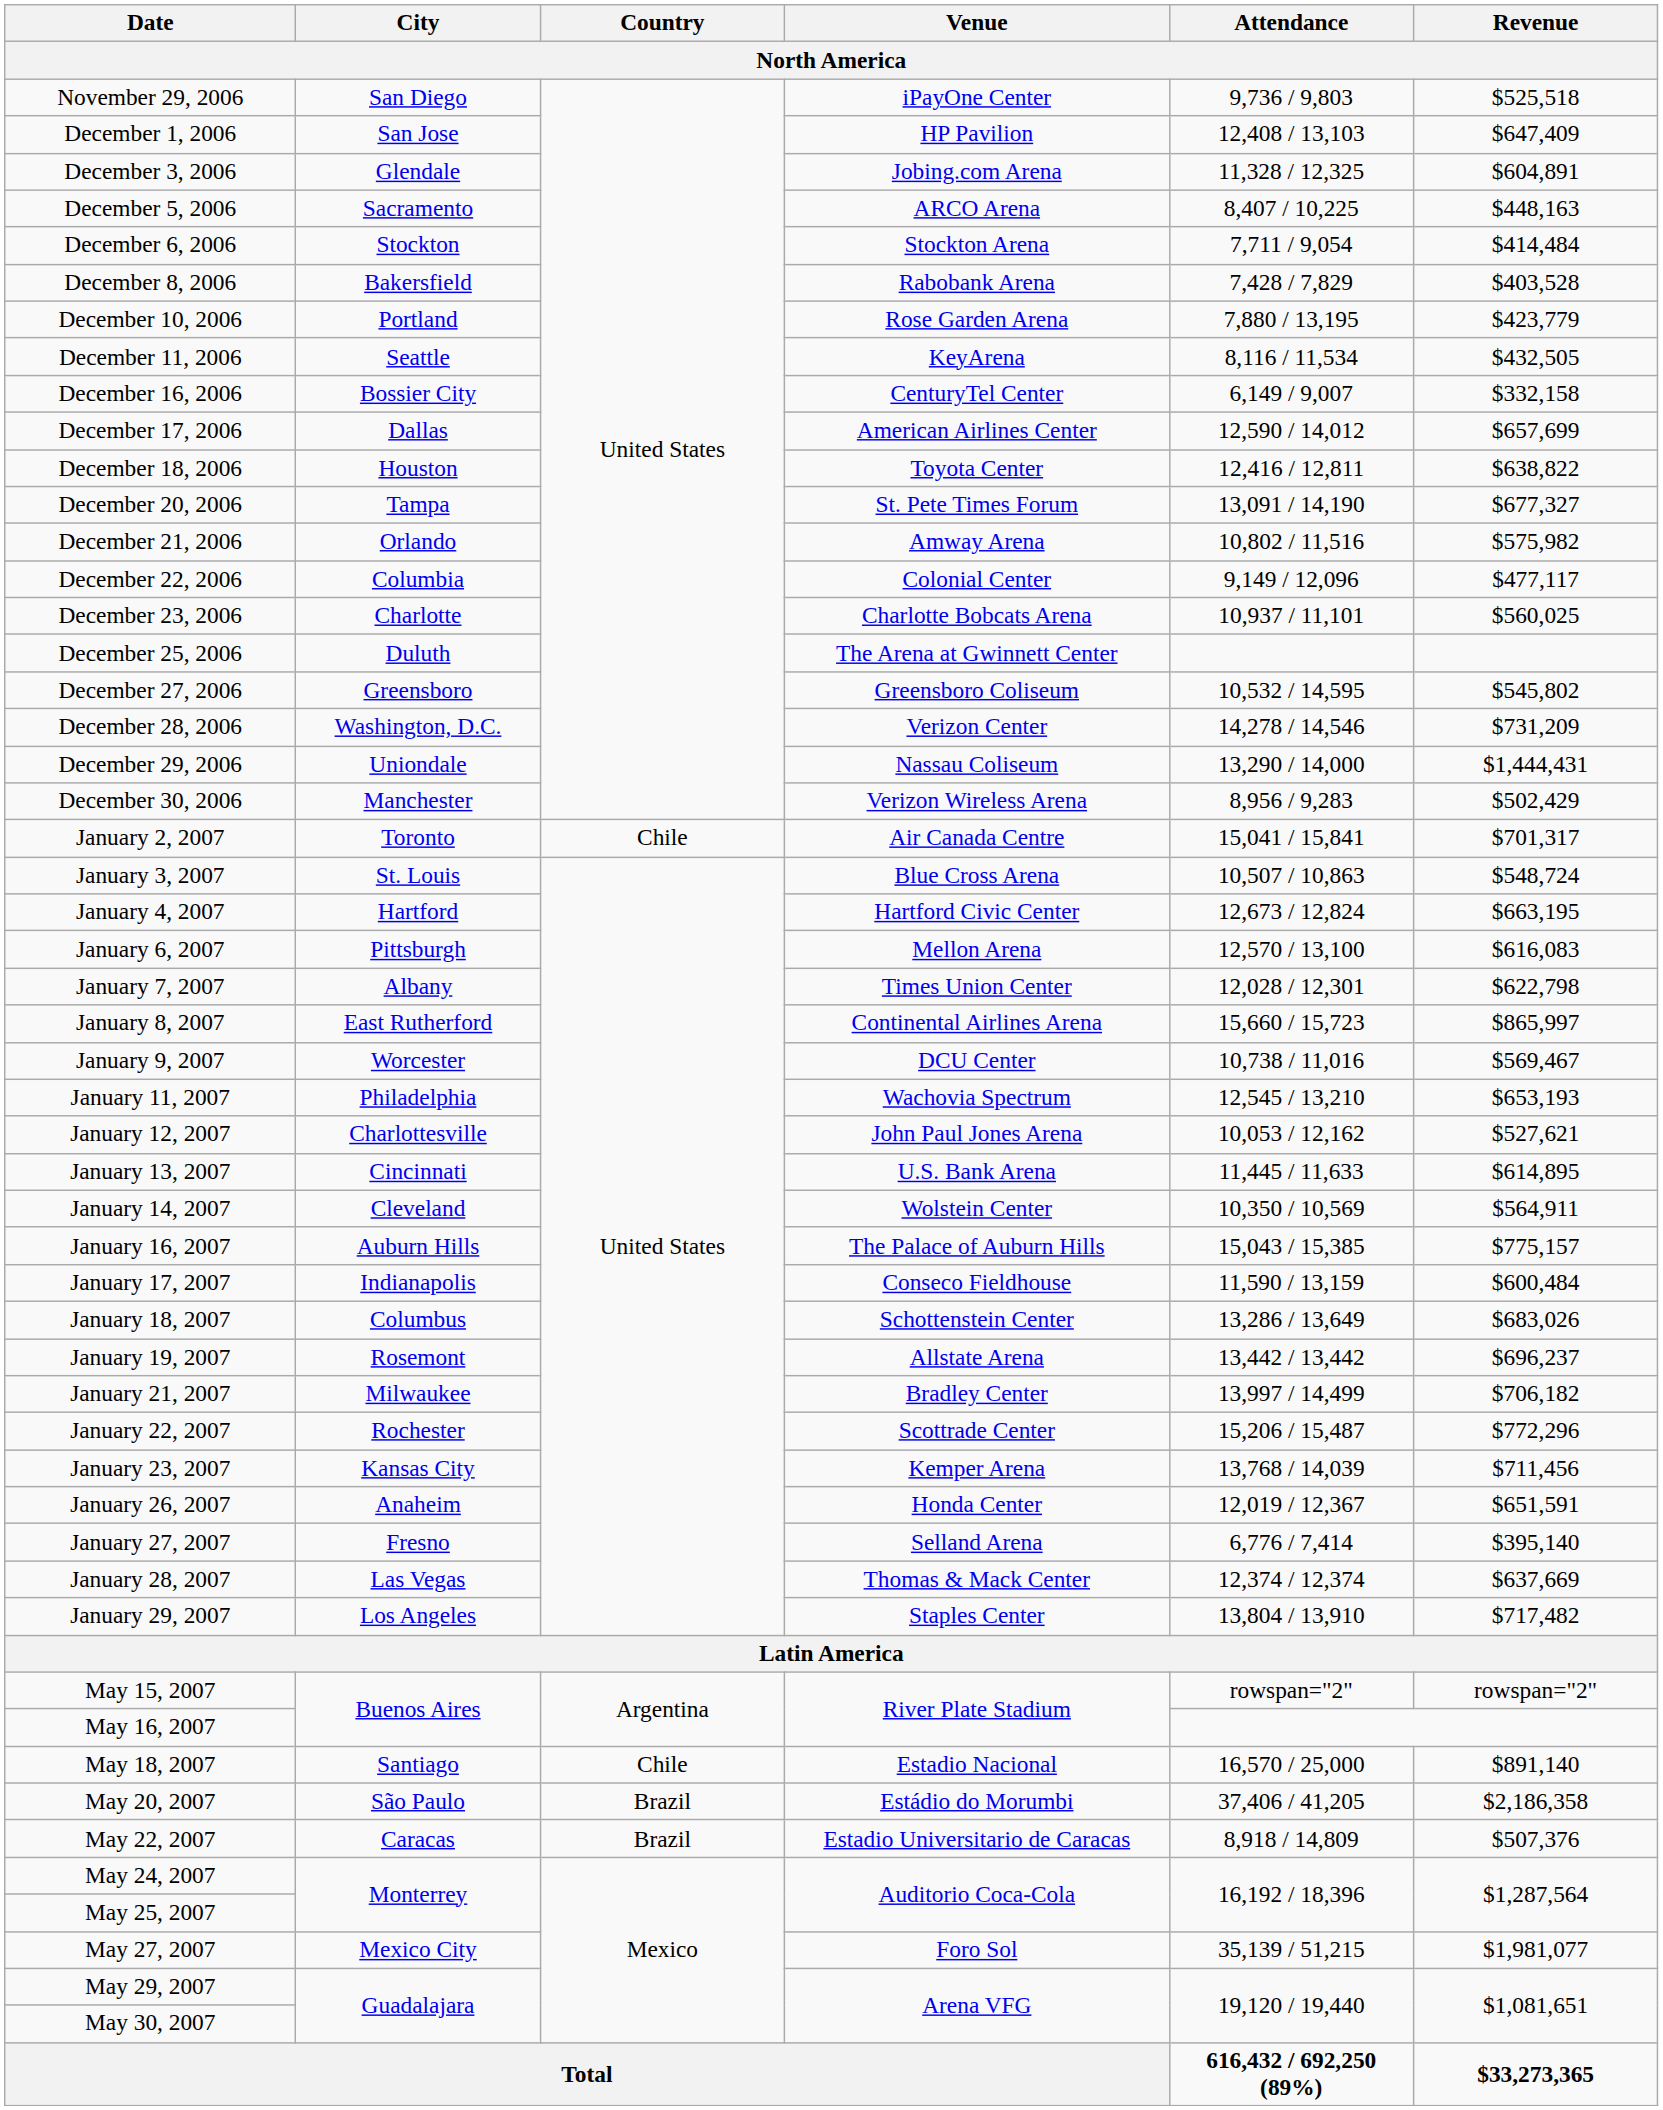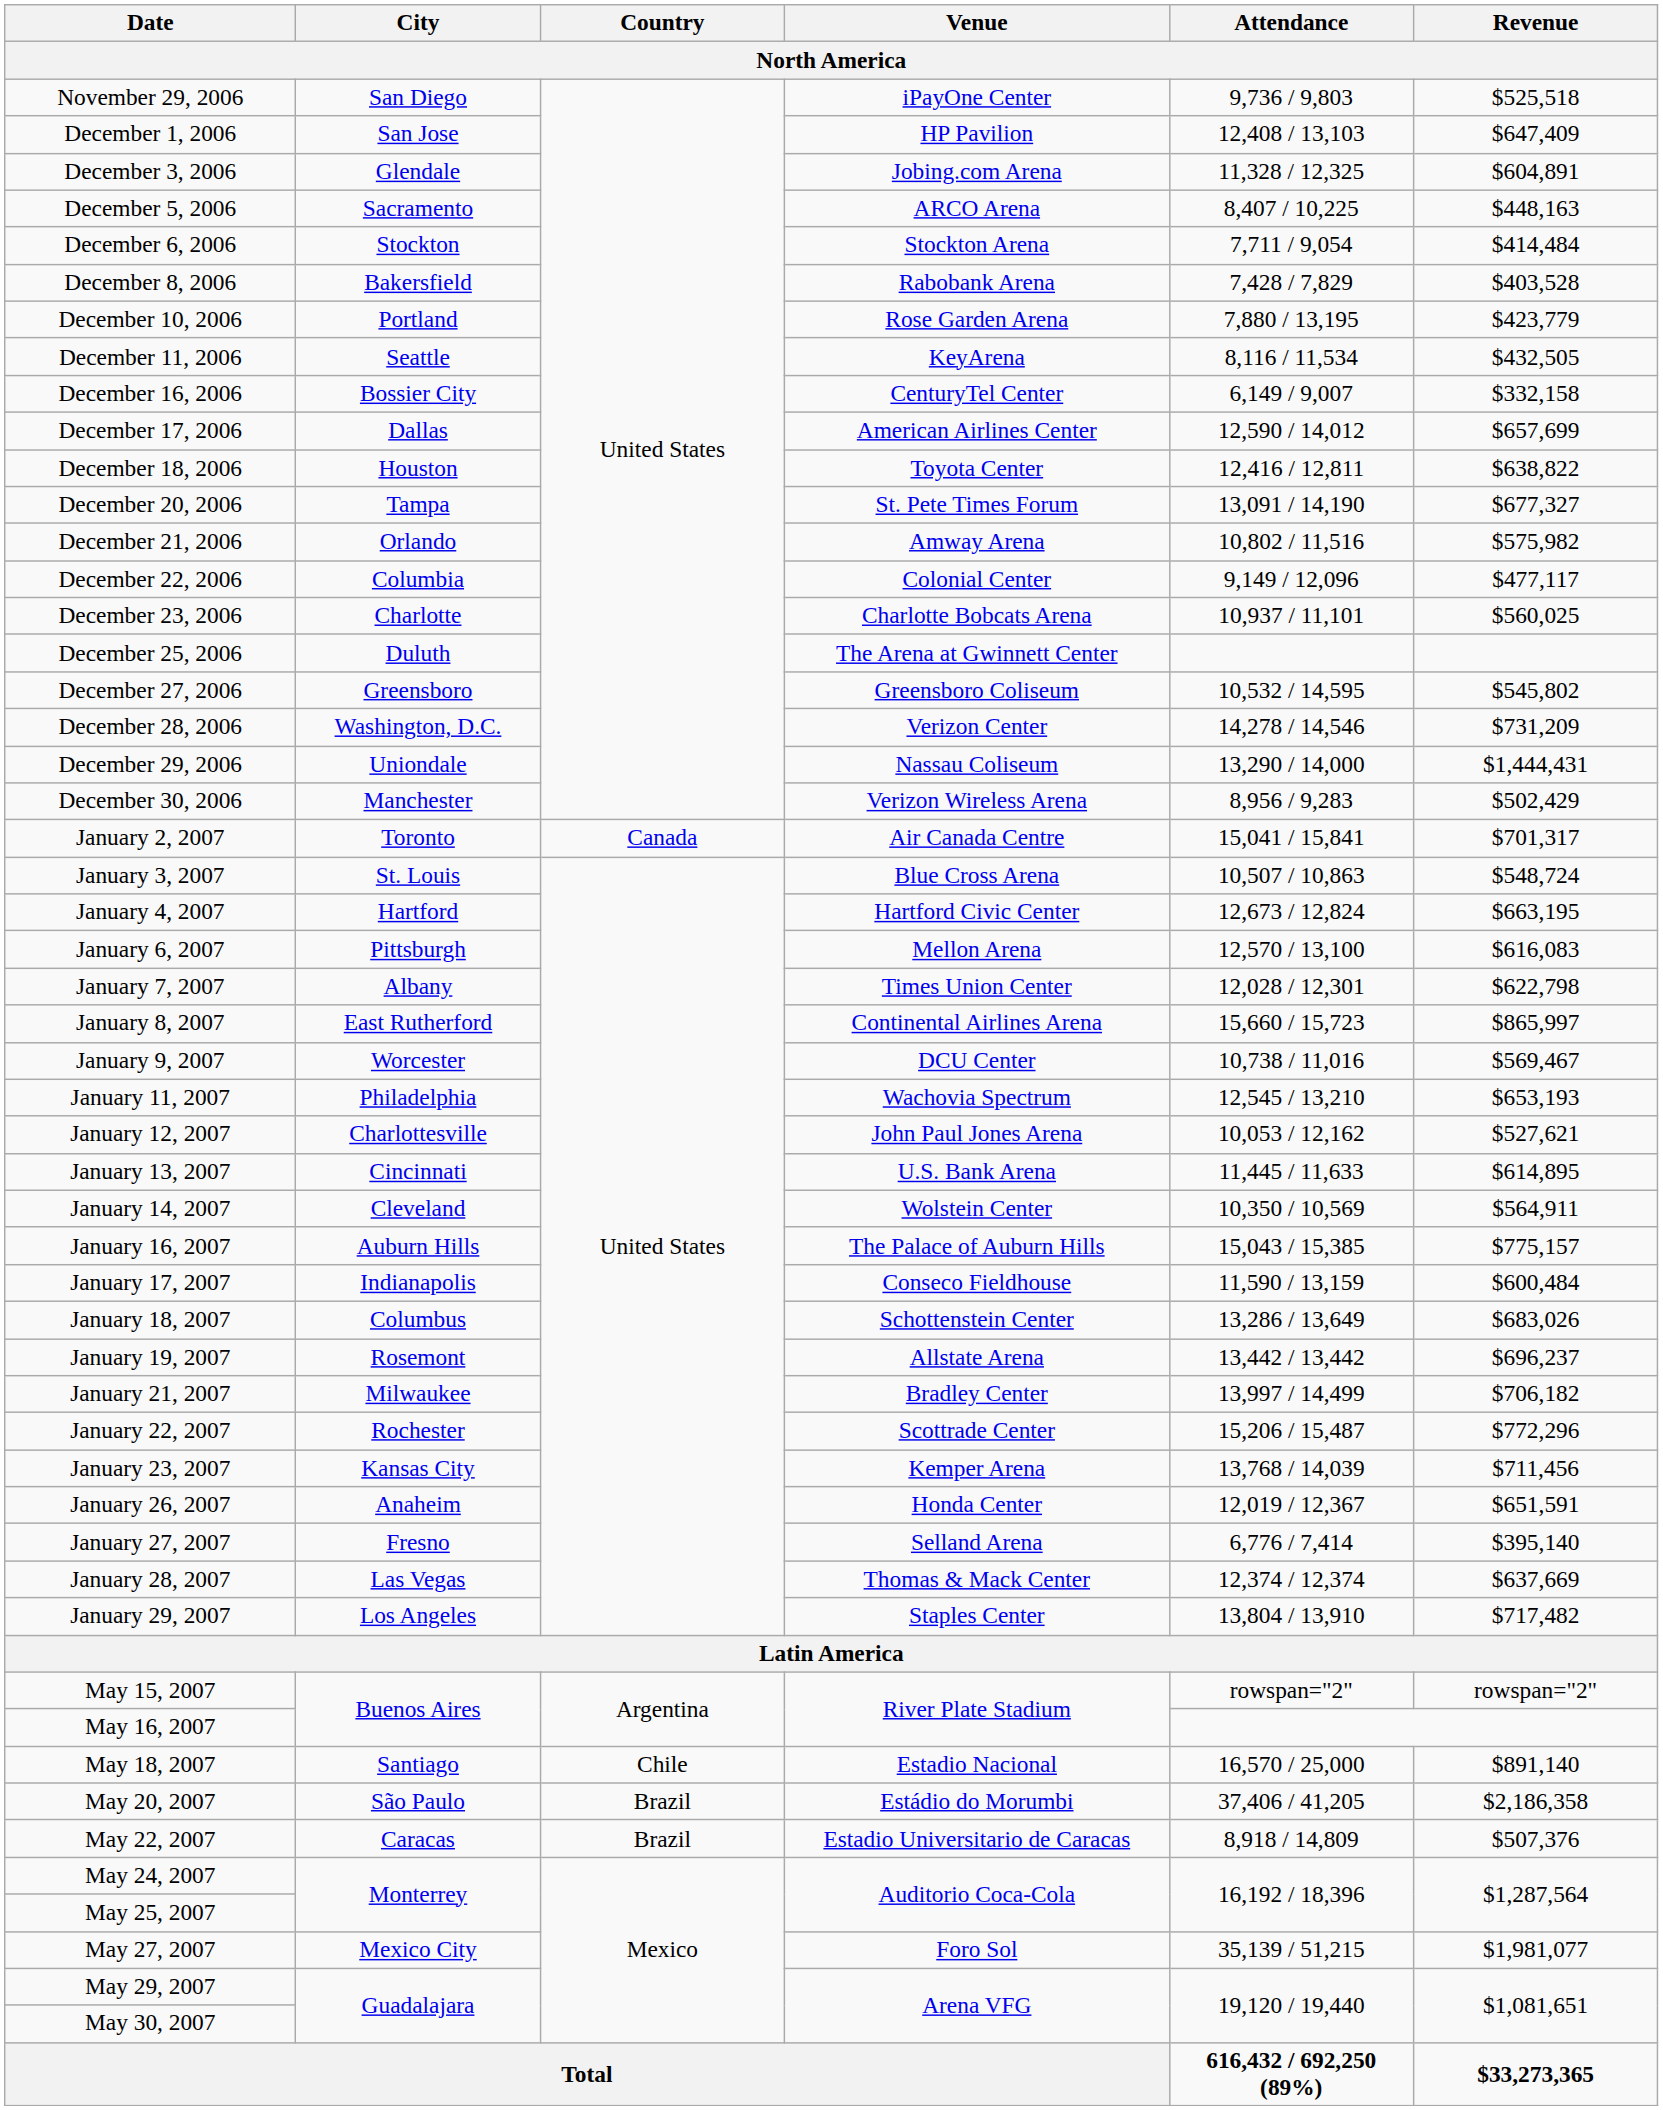 <table class="wikitable" style="text-align:center;">
 <tr>
 <th scope="col" style="width:12em;">Date</th>
 <th scope="col" style="width:10em;">City</th>
 <th scope="col" style="width:10em;">Country</th>
 <th scope="col" style="width:16em;">Venue</th>
 <th scope="col" style="width:10em;">Attendance</th>
 <th scope="col" style="width:10em;">Revenue</th>
 </tr>
 <tr>
 <th colspan="6">North America</th>
 </tr>
 <tr>
 <td>November 29, 2006</td>
 <td><a href='#'>San Diego</a></td>
 <td rowspan="20">United States</td>
 <td><a href='#'>iPayOne Center</a></td>
 <td>9,736 / 9,803</td>
 <td>$525,518</td>
 </tr>
 <tr>
 <td>December 1, 2006</td>
 <td><a href='#'>San Jose</a></td>
 <td><a href='#'>HP Pavilion</a></td>
 <td>12,408 / 13,103</td>
 <td>$647,409</td>
 </tr>
 <tr>
 <td>December 3, 2006</td>
 <td><a href='#'>Glendale</a></td>
 <td><a href='#'>Jobing.com Arena</a></td>
 <td>11,328 / 12,325</td>
 <td>$604,891</td>
 </tr>
 <tr>
 <td>December 5, 2006</td>
 <td><a href='#'>Sacramento</a></td>
 <td><a href='#'>ARCO Arena</a></td>
 <td>8,407 / 10,225</td>
 <td>$448,163</td>
 </tr>
 <tr>
 <td>December 6, 2006</td>
 <td><a href='#'>Stockton</a></td>
 <td><a href='#'>Stockton Arena</a></td>
 <td>7,711 / 9,054</td>
 <td>$414,484</td>
 </tr>
 <tr>
 <td>December 8, 2006</td>
 <td><a href='#'>Bakersfield</a></td>
 <td><a href='#'>Rabobank Arena</a></td>
 <td>7,428 / 7,829</td>
 <td>$403,528</td>
 </tr>
 <tr>
 <td>December 10, 2006</td>
 <td><a href='#'>Portland</a></td>
 <td><a href='#'>Rose Garden Arena</a></td>
 <td>7,880 / 13,195</td>
 <td>$423,779</td>
 </tr>
 <tr>
 <td>December 11, 2006</td>
 <td><a href='#'>Seattle</a></td>
 <td><a href='#'>KeyArena</a></td>
 <td>8,116 / 11,534</td>
 <td>$432,505</td>
 </tr>
 <tr>
 <td>December 16, 2006</td>
 <td><a href='#'>Bossier City</a></td>
 <td><a href='#'>CenturyTel Center</a></td>
 <td>6,149 / 9,007</td>
 <td>$332,158</td>
 </tr>
 <tr>
 <td>December 17, 2006</td>
 <td><a href='#'>Dallas</a></td>
 <td><a href='#'>American Airlines Center</a></td>
 <td>12,590 / 14,012</td>
 <td>$657,699</td>
 </tr>
 <tr>
 <td>December 18, 2006</td>
 <td><a href='#'>Houston</a></td>
 <td><a href='#'>Toyota Center</a></td>
 <td>12,416 / 12,811</td>
 <td>$638,822</td>
 </tr>
 <tr>
 <td>December 20, 2006</td>
 <td><a href='#'>Tampa</a></td>
 <td><a href='#'>St. Pete Times Forum</a></td>
 <td>13,091 / 14,190</td>
 <td>$677,327</td>
 </tr>
 <tr>
 <td>December 21, 2006</td>
 <td><a href='#'>Orlando</a></td>
 <td><a href='#'>Amway Arena</a></td>
 <td>10,802 / 11,516</td>
 <td>$575,982</td>
 </tr>
 <tr>
 <td>December 22, 2006</td>
 <td><a href='#'>Columbia</a></td>
 <td><a href='#'>Colonial Center</a></td>
 <td>9,149 / 12,096</td>
 <td>$477,117</td>
 </tr>
 <tr>
 <td>December 23, 2006</td>
 <td><a href='#'>Charlotte</a></td>
 <td><a href='#'>Charlotte Bobcats Arena</a></td>
 <td>10,937 / 11,101</td>
 <td>$560,025</td>
 </tr>
 <tr>
 <td>December 25, 2006</td>
 <td><a href='#'>Duluth</a></td>
 <td><a href='#'>The Arena at Gwinnett Center</a></td>
 <td></td>
 <td></td>
 </tr>
 <tr>
 <td>December 27, 2006</td>
 <td><a href='#'>Greensboro</a></td>
 <td><a href='#'>Greensboro Coliseum</a></td>
 <td>10,532 / 14,595</td>
 <td>$545,802</td>
 </tr>
 <tr>
 <td>December 28, 2006</td>
 <td><a href='#'>Washington, D.C.</a></td>
 <td><a href='#'>Verizon Center</a></td>
 <td>14,278 / 14,546</td>
 <td>$731,209</td>
 </tr>
 <tr>
 <td>December 29, 2006</td>
 <td><a href='#'>Uniondale</a></td>
 <td><a href='#'>Nassau Coliseum</a></td>
 <td>13,290 / 14,000</td>
 <td>$1,444,431</td>
 </tr>
 <tr>
 <td>December 30, 2006</td>
 <td><a href='#'>Manchester</a></td>
 <td><a href='#'>Verizon Wireless Arena</a></td>
 <td>8,956 / 9,283</td>
 <td>$502,429</td>
 </tr>
 <tr>
 <td>January 2, 2007</td>
 <td><a href='#'>Toronto</a></td>
-<td>Chile</td>
+<td><a href='#'>Canada</a></td>
 <td><a href='#'>Air Canada Centre</a></td>
 <td>15,041 / 15,841</td>
 <td>$701,317</td>
 </tr>
 <tr>
 <td>January 3, 2007</td>
 <td><a href='#'>St. Louis</a></td>
 <td rowspan="21">United States</td>
 <td><a href='#'>Blue Cross Arena</a></td>
 <td>10,507 / 10,863</td>
 <td>$548,724</td>
 </tr>
 <tr>
 <td>January 4, 2007</td>
 <td><a href='#'>Hartford</a></td>
 <td><a href='#'>Hartford Civic Center</a></td>
 <td>12,673 / 12,824</td>
 <td>$663,195</td>
 </tr>
 <tr>
 <td>January 6, 2007</td>
 <td><a href='#'>Pittsburgh</a></td>
 <td><a href='#'>Mellon Arena</a></td>
 <td>12,570 / 13,100</td>
 <td>$616,083</td>
 </tr>
 <tr>
 <td>January 7, 2007</td>
 <td><a href='#'>Albany</a></td>
 <td><a href='#'>Times Union Center</a></td>
 <td>12,028 / 12,301</td>
 <td>$622,798</td>
 </tr>
 <tr>
 <td>January 8, 2007</td>
 <td><a href='#'>East Rutherford</a></td>
 <td><a href='#'>Continental Airlines Arena</a></td>
 <td>15,660 / 15,723</td>
 <td>$865,997</td>
 </tr>
 <tr>
 <td>January 9, 2007</td>
 <td><a href='#'>Worcester</a></td>
 <td><a href='#'>DCU Center</a></td>
 <td>10,738 / 11,016</td>
 <td>$569,467</td>
 </tr>
 <tr>
 <td>January 11, 2007</td>
 <td><a href='#'>Philadelphia</a></td>
 <td><a href='#'>Wachovia Spectrum</a></td>
 <td>12,545 / 13,210</td>
 <td>$653,193</td>
 </tr>
 <tr>
 <td>January 12, 2007</td>
 <td><a href='#'>Charlottesville</a></td>
 <td><a href='#'>John Paul Jones Arena</a></td>
 <td>10,053 / 12,162</td>
 <td>$527,621</td>
 </tr>
 <tr>
 <td>January 13, 2007</td>
 <td><a href='#'>Cincinnati</a></td>
 <td><a href='#'>U.S. Bank Arena</a></td>
 <td>11,445 / 11,633</td>
 <td>$614,895</td>
 </tr>
 <tr>
 <td>January 14, 2007</td>
 <td><a href='#'>Cleveland</a></td>
 <td><a href='#'>Wolstein Center</a></td>
 <td>10,350 / 10,569</td>
 <td>$564,911</td>
 </tr>
 <tr>
 <td>January 16, 2007</td>
 <td><a href='#'>Auburn Hills</a></td>
 <td><a href='#'>The Palace of Auburn Hills</a></td>
 <td>15,043 / 15,385</td>
 <td>$775,157</td>
 </tr>
 <tr>
 <td>January 17, 2007</td>
 <td><a href='#'>Indianapolis</a></td>
 <td><a href='#'>Conseco Fieldhouse</a></td>
 <td>11,590 / 13,159</td>
 <td>$600,484</td>
 </tr>
 <tr>
 <td>January 18, 2007</td>
 <td><a href='#'>Columbus</a></td>
 <td><a href='#'>Schottenstein Center</a></td>
 <td>13,286 / 13,649</td>
 <td>$683,026</td>
 </tr>
 <tr>
 <td>January 19, 2007</td>
 <td><a href='#'>Rosemont</a></td>
 <td><a href='#'>Allstate Arena</a></td>
 <td>13,442 / 13,442</td>
 <td>$696,237</td>
 </tr>
 <tr>
 <td>January 21, 2007</td>
 <td><a href='#'>Milwaukee</a></td>
 <td><a href='#'>Bradley Center</a></td>
 <td>13,997 / 14,499</td>
 <td>$706,182</td>
 </tr>
 <tr>
 <td>January 22, 2007</td>
 <td><a href='#'>Rochester</a></td>
 <td><a href='#'>Scottrade Center</a></td>
 <td>15,206 / 15,487</td>
 <td>$772,296</td>
 </tr>
 <tr>
 <td>January 23, 2007</td>
 <td><a href='#'>Kansas City</a></td>
 <td><a href='#'>Kemper Arena</a></td>
 <td>13,768 / 14,039</td>
 <td>$711,456</td>
 </tr>
 <tr>
 <td>January 26, 2007</td>
 <td><a href='#'>Anaheim</a></td>
 <td><a href='#'>Honda Center</a></td>
 <td>12,019 / 12,367</td>
 <td>$651,591</td>
 </tr>
 <tr>
 <td>January 27, 2007</td>
 <td><a href='#'>Fresno</a></td>
 <td><a href='#'>Selland Arena</a></td>
 <td>6,776 / 7,414</td>
 <td>$395,140</td>
 </tr>
 <tr>
 <td>January 28, 2007</td>
 <td><a href='#'>Las Vegas</a></td>
 <td><a href='#'>Thomas & Mack Center</a></td>
 <td>12,374 / 12,374</td>
 <td>$637,669</td>
 </tr>
 <tr>
 <td>January 29, 2007</td>
 <td><a href='#'>Los Angeles</a></td>
 <td><a href='#'>Staples Center</a></td>
 <td>13,804 / 13,910</td>
 <td>$717,482</td>
 </tr>
 <tr>
 <th colspan="6">Latin America</th>
 </tr>
 <tr>
 <td>May 15, 2007</td>
 <td rowspan="2"><a href='#'>Buenos Aires</a></td>
 <td rowspan="2">Argentina</td>
 <td rowspan="2"><a href='#'>River Plate Stadium</a></td>
 <td>rowspan="2" </td>
 <td>rowspan="2" </td>
 </tr>
 <tr>
 <td>May 16, 2007</td>
 </tr>
 <tr>
 <td>May 18, 2007</td>
 <td><a href='#'>Santiago</a></td>
 <td>Chile</td>
 <td><a href='#'>Estadio Nacional</a></td>
 <td>16,570 / 25,000</td>
 <td>$891,140</td>
 </tr>
 <tr>
 <td>May 20, 2007</td>
 <td><a href='#'>São Paulo</a></td>
 <td>Brazil</td>
 <td><a href='#'>Estádio do Morumbi</a></td>
 <td>37,406 / 41,205</td>
 <td>$2,186,358</td>
 </tr>
 <tr>
 <td>May 22, 2007</td>
 <td><a href='#'>Caracas</a></td>
 <td>Brazil</td>
 <td><a href='#'>Estadio Universitario de Caracas</a></td>
 <td>8,918 / 14,809</td>
 <td>$507,376</td>
 </tr>
 <tr>
 <td>May 24, 2007</td>
 <td rowspan="2"><a href='#'>Monterrey</a></td>
 <td rowspan="5">Mexico</td>
 <td rowspan="2"><a href='#'>Auditorio Coca-Cola</a></td>
 <td rowspan="2">16,192 / 18,396</td>
 <td rowspan="2">$1,287,564</td>
 </tr>
 <tr>
 <td>May 25, 2007</td>
 </tr>
 <tr>
 <td>May 27, 2007</td>
 <td><a href='#'>Mexico City</a></td>
 <td><a href='#'>Foro Sol</a></td>
 <td>35,139 / 51,215</td>
 <td>$1,981,077</td>
 </tr>
 <tr>
 <td>May 29, 2007</td>
 <td rowspan="2"><a href='#'>Guadalajara</a></td>
 <td rowspan="2"><a href='#'>Arena VFG</a></td>
 <td rowspan="2">19,120 / 19,440</td>
 <td rowspan="2">$1,081,651</td>
 </tr>
 <tr>
 <td>May 30, 2007</td>
 </tr>
 <tr>
 <th colspan="4">Total</th>
 <td><strong>616,432 / 692,250 (89%)</strong></td>
 <td><strong>$33,273,365</strong></td>
 </tr>
 <tr>
 </tr>
 </table>
